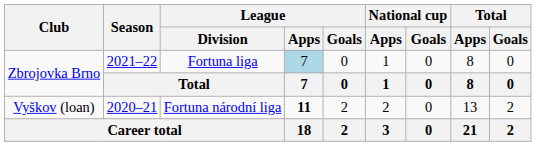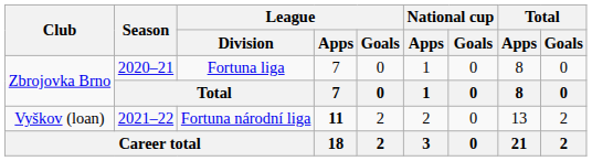 <table class="wikitable" style="text-align:center">
 <tr>
 <th rowspan="2">Club</th>
 <th rowspan="2">Season</th>
 <th colspan="3">League</th>
 <th colspan="2">National cup</th>
 <th colspan="2">Total</th>
 </tr>
 <tr>
 <th>Division</th>
 <th>Apps</th>
 <th>Goals</th>
 <th>Apps</th>
 <th>Goals</th>
 <th>Apps</th>
 <th>Goals</th>
 </tr>
 <tr>
 <td rowspan="2"><a href='#'>Zbrojovka Brno</a></td>
-<td><a href='#'>2021–22</a></td>
+<td><a href='#'>2020–21</a></td>
 <td rowspan="1"><a href='#'>Fortuna liga</a></td>
-<td style="background: lightblue;">7</td>
+<td>7</td>
 <td>0</td>
 <td>1</td>
 <td>0</td>
 <td>8</td>
 <td>0</td>
 </tr>
 <tr>
 <th colspan="2">Total</th>
 <th>7</th>
 <th>0</th>
 <th>1</th>
 <th>0</th>
 <th>8</th>
 <th>0</th>
 </tr>
 <tr>
 <td rowspan="1"><a href='#'>Vyškov</a> (loan)</td>
-<td><a href='#'>2020–21</a></td>
+<td><a href='#'>2021–22</a></td>
 <td rowspan="1"><a href='#'>Fortuna národní liga</a></td>
 <td><strong>11</strong></td>
 <td>2</td>
 <td>2</td>
 <td>0</td>
 <td>13</td>
 <td>2</td>
 </tr>
 <tr>
 <th colspan=3>Career total</th>
 <th>18</th>
 <th>2</th>
 <th>3</th>
 <th>0</th>
 <th>21</th>
 <th>2</th>
 </tr>
 </table>
